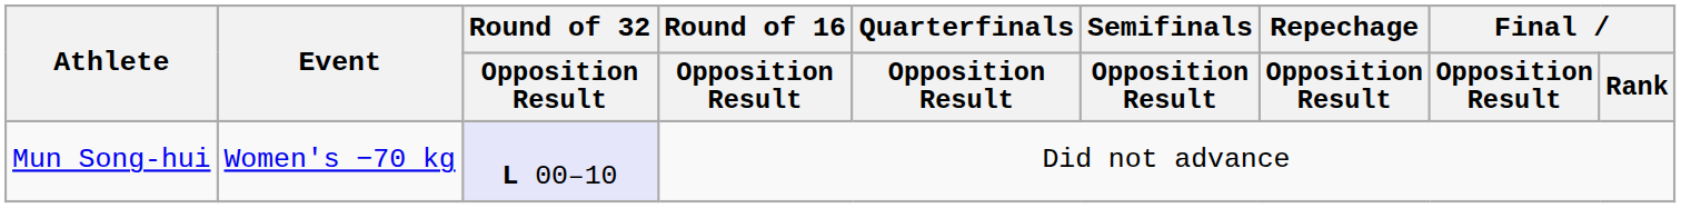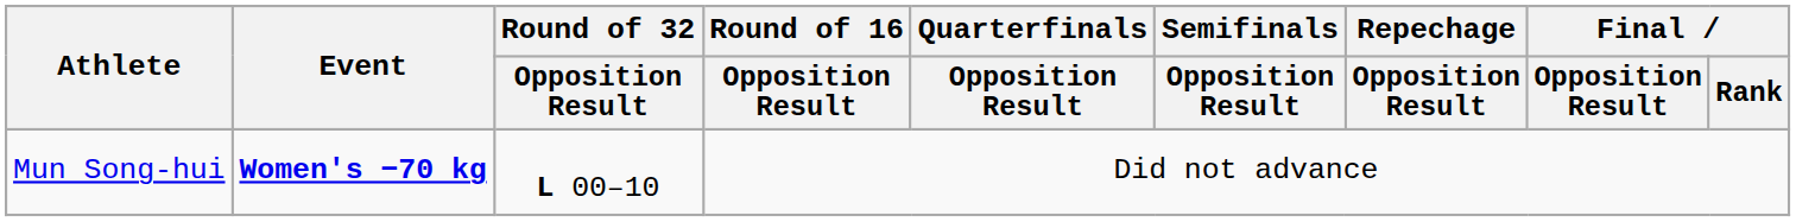 <table class="wikitable" style="font-size:90%">
 <tr>
 <th rowspan="2">Athlete</th>
 <th rowspan="2">Event</th>
 <th>Round of 32</th>
 <th>Round of 16</th>
 <th>Quarterfinals</th>
 <th>Semifinals</th>
 <th>Repechage</th>
 <th colspan=2>Final / </th>
 </tr>
 <tr style="font-size:95%">
 <th>Opposition<br>Result</th>
 <th>Opposition<br>Result</th>
 <th>Opposition<br>Result</th>
 <th>Opposition<br>Result</th>
 <th>Opposition<br>Result</th>
 <th>Opposition<br>Result</th>
 <th>Rank</th>
 </tr>
 <tr align=center>
 <td align=left><a href='#'>Mun Song-hui</a></td>
-<td align=left><a href='#'>Women's −70 kg</a></td>
-<td style="background: lavender;"><br><strong>L</strong> 00–10</td>
+<td align=left><strong><a href='#'>Women's −70 kg</a></strong></td>
+<td><br><strong>L</strong> 00–10</td>
 <td colspan=6>Did not advance</td>
 </tr>
 </table>
